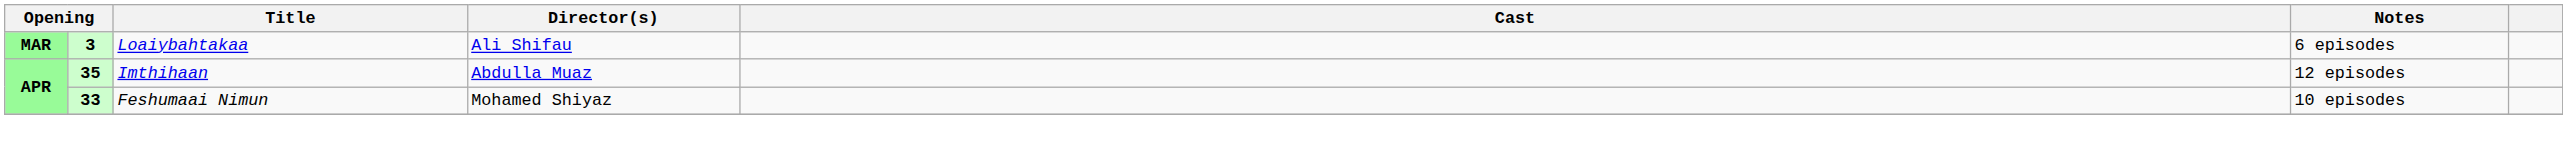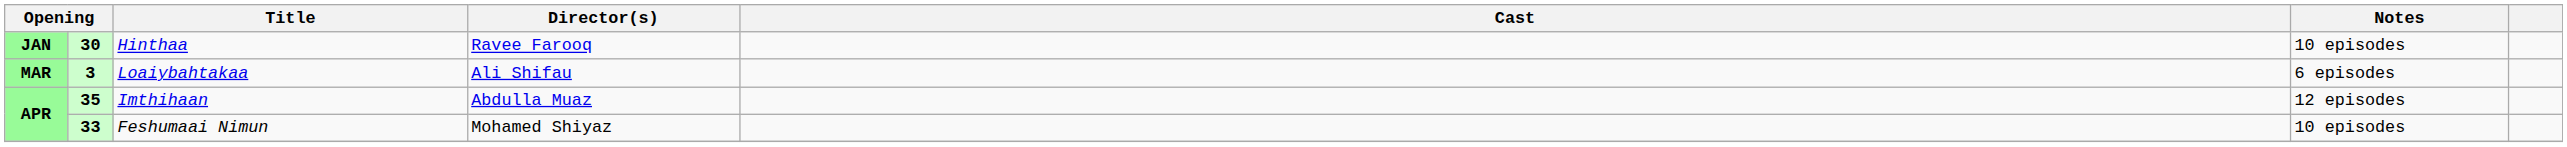 <table class="wikitable plainrowheaders" width="100%">
 <tr>
 <th scope="col" colspan="2" width=4%>Opening</th>
 <th scope="col" width=13%>Title</th>
 <th scope="col" width=10%>Director(s)</th>
 <th scope="col" width=57%>Cast</th>
 <th scope="col" width=8%>Notes</th>
 <th scope="col" width=2%></th>
+</tr>
+<tr>
+<td style="text-align:center; background:#98fb98; textcolor:#000;"><strong>JAN</strong></td>
+<td style="text-align:center; textcolor:#000; background:#cdfecd;"><strong>30</strong></td>
+<td><em><a href='#'>Hinthaa</a></em></td>
+<td><a href='#'>Ravee Farooq</a></td>
+<td></td>
+<td>10 episodes</td>
+<td style="text-align:center;"></td>
 </tr>
 <tr>
 <td style="text-align:center; background:#98fb98; textcolor:#000;"><strong>MAR</strong></td>
 <td style="text-align:center; textcolor:#000; background:#cdfecd;"><strong>3</strong></td>
 <td><em><a href='#'>Loaiybahtakaa</a></em></td>
 <td><a href='#'>Ali Shifau</a></td>
 <td></td>
 <td>6 episodes</td>
 <td style="text-align:center;"></td>
 </tr>
 <tr>
 <td style="text-align:center; background:#98fb98; textcolor:#000;" rowspan="2"><strong>APR</strong></td>
 <td style="text-align:center; textcolor:#000; background:#cdfecd;"><strong>35</strong></td>
 <td><em><a href='#'>Imthihaan</a></em></td>
 <td><a href='#'>Abdulla Muaz</a></td>
 <td></td>
 <td>12 episodes</td>
 <td style="text-align:center;"></td>
 </tr>
 <tr>
 <td style="text-align:center; textcolor:#000; background:#cdfecd;"><strong>33</strong></td>
 <td><em>Feshumaai Nimun</em></td>
 <td>Mohamed Shiyaz</td>
 <td></td>
 <td>10 episodes</td>
 <td style="text-align:center;"></td>
 </tr>
 <tr>
 </tr>
 </table>
